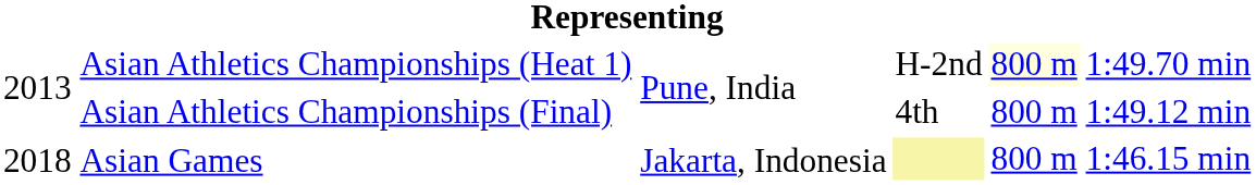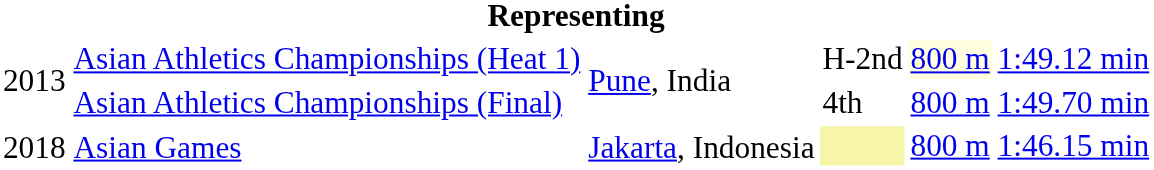 <table>
 <tr>
 <th colspan="6">Representing </th>
 </tr>
 <tr>
 <td rowspan=2>2013</td>
 <td><a href='#'>Asian Athletics Championships (Heat 1)</a></td>
 <td rowspan=2><a href='#'>Pune</a>, India</td>
 <td>H-2nd</td>
 <td style="background: lightyellow;"><a href='#'>800 m</a></td>
-<td><a href='#'>1:49.70 min</a></td>
+<td><a href='#'>1:49.12 min</a></td>
 </tr>
 <tr>
 <td><a href='#'>Asian Athletics Championships (Final)</a></td>
 <td>4th</td>
 <td><a href='#'>800 m</a></td>
-<td><a href='#'>1:49.12 min</a></td>
+<td><a href='#'>1:49.70 min</a></td>
 </tr>
 <tr>
 <td rowspan=3>2018</td>
 <td rowspan=3><a href='#'>Asian Games</a></td>
 <td rowspan=3><a href='#'>Jakarta</a>, Indonesia</td>
 <td bgcolor=F7F6A8></td>
 <td><a href='#'>800 m</a></td>
 <td><a href='#'>1:46.15 min</a></td>
 </tr>
 <tr>
 </tr>
 </table>
